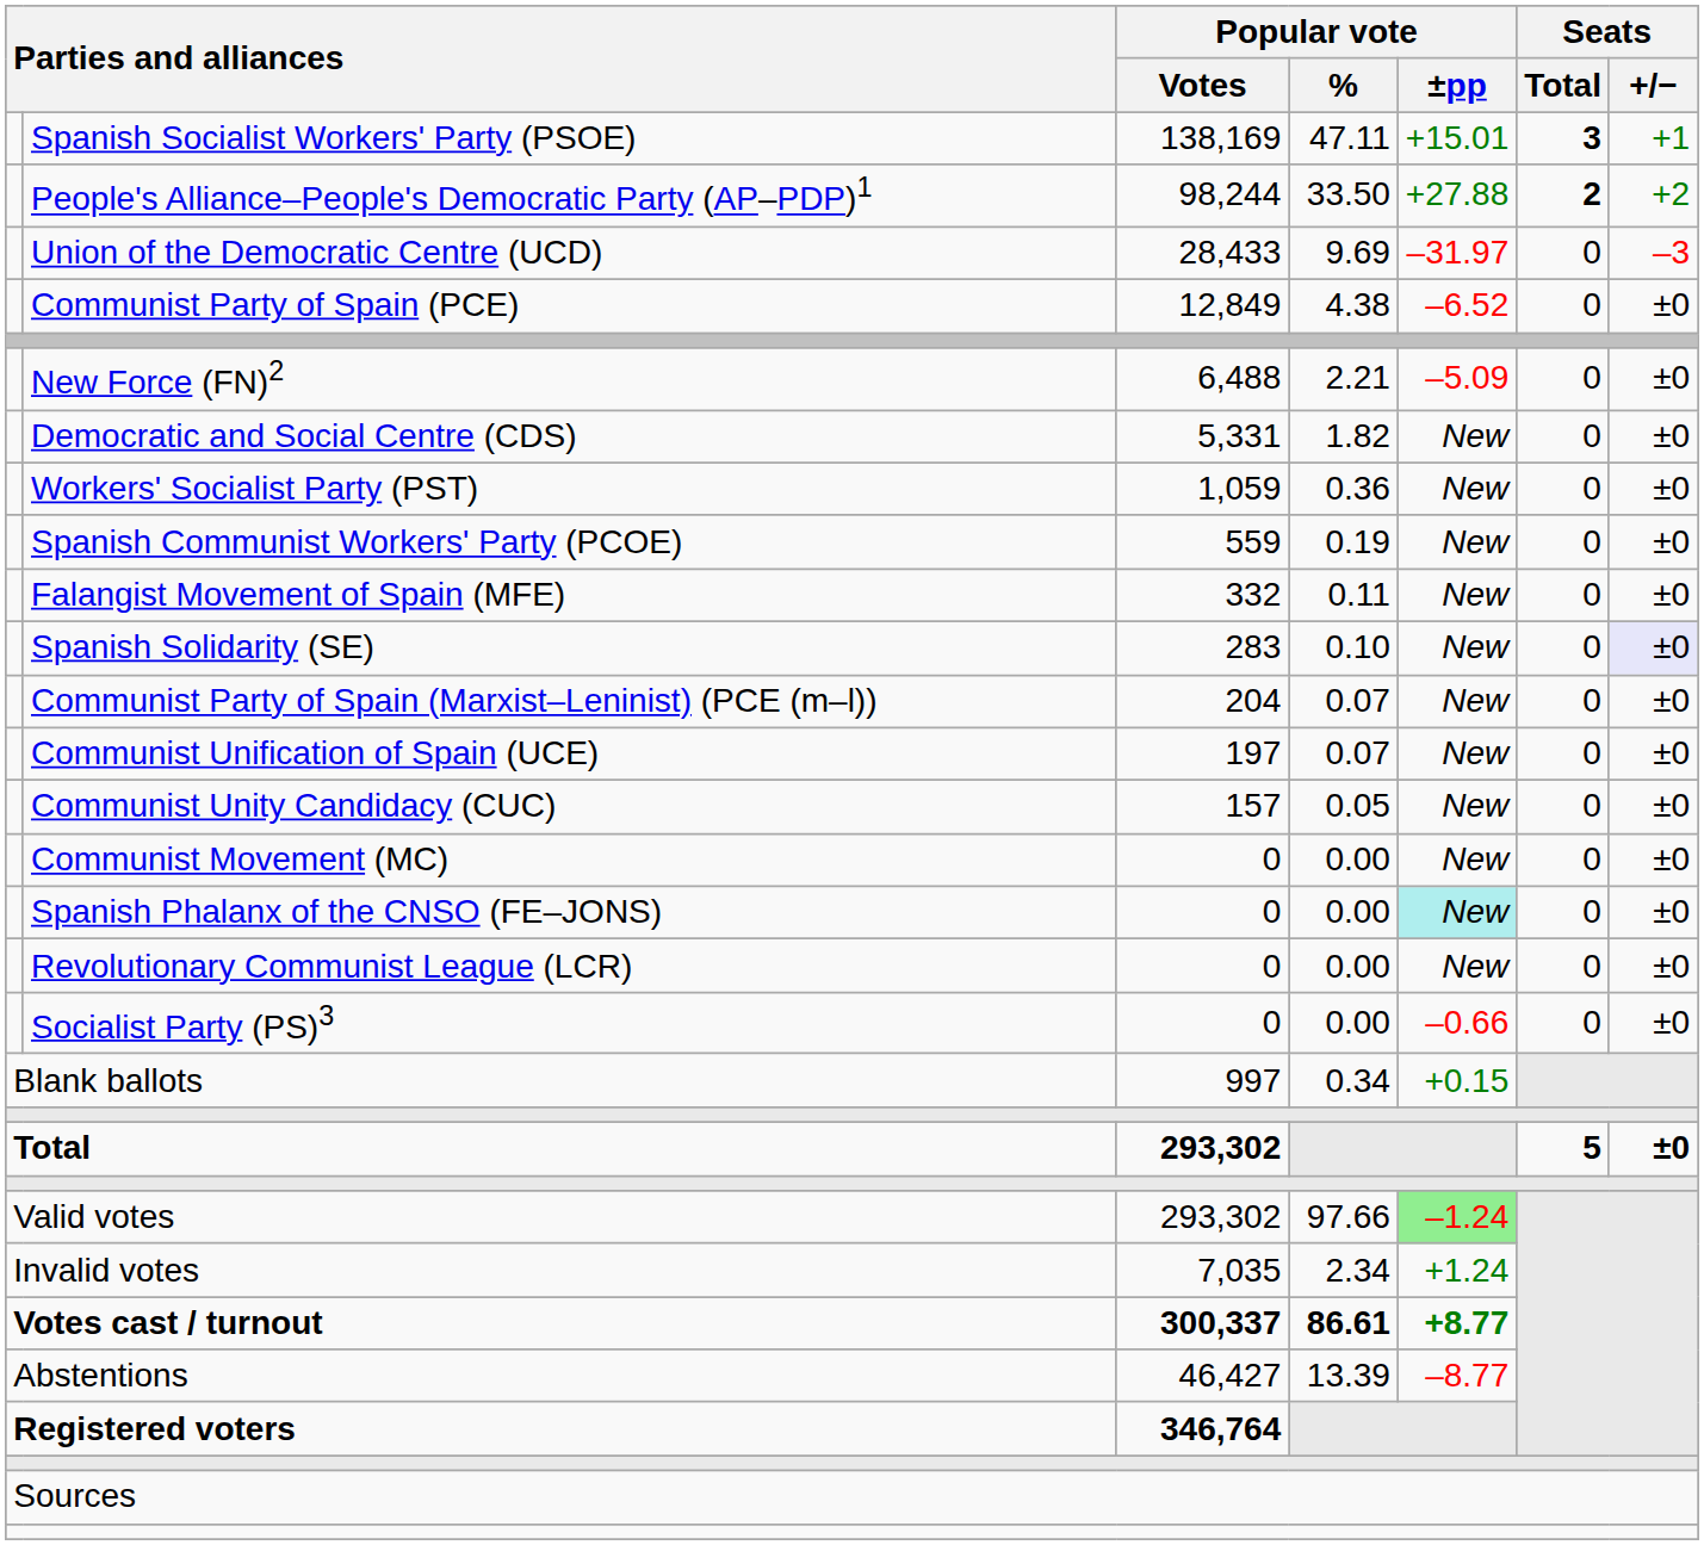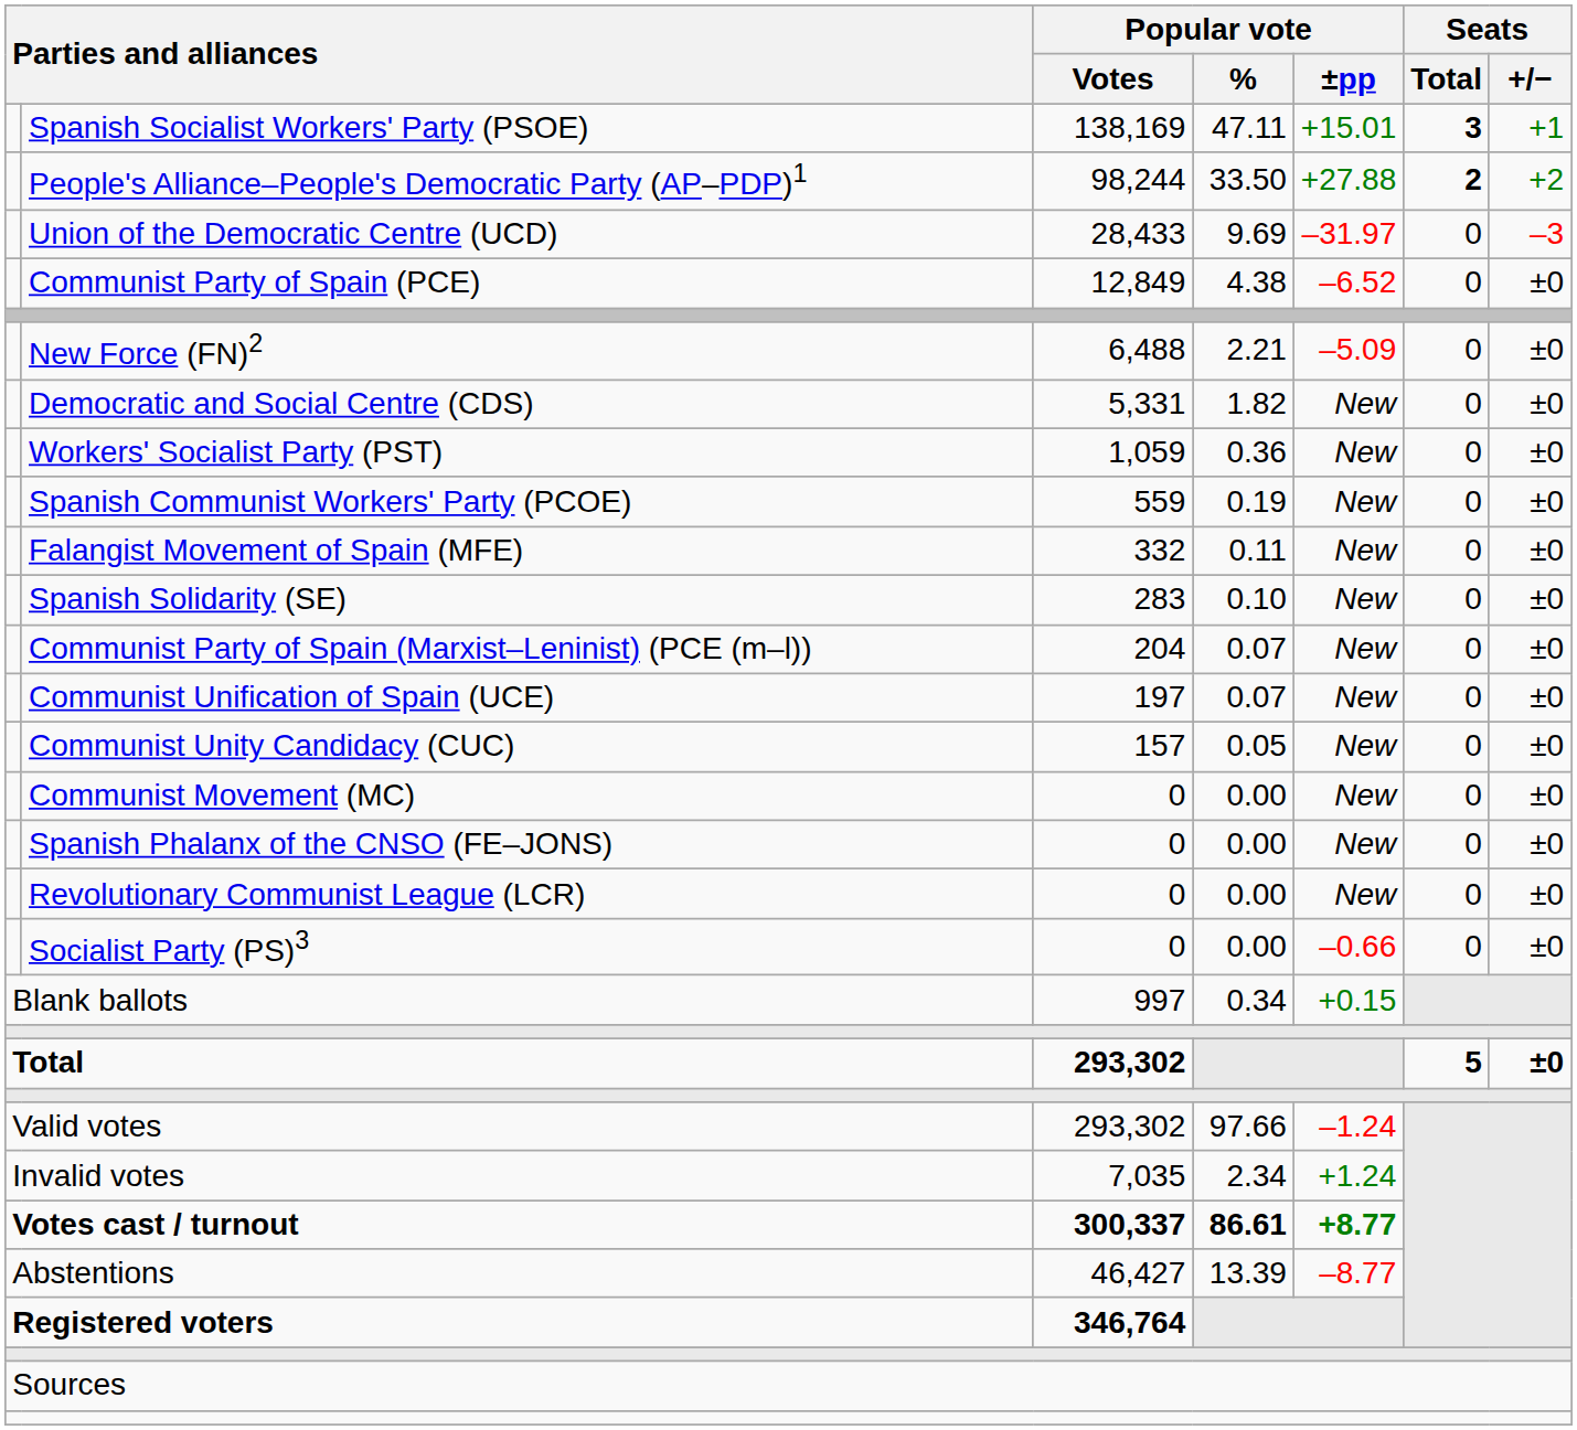 <table class="wikitable" style="text-align:right;">
 <tr>
 <th style="text-align:left;" rowspan="2" colspan="2" width="525">Parties and alliances</th>
 <th colspan="3">Popular vote</th>
 <th colspan="2">Seats</th>
 </tr>
 <tr>
 <th width="75">Votes</th>
 <th width="45">%</th>
 <th width="45">±<a href='#'>pp</a></th>
 <th width="35">Total</th>
 <th width="35">+/−</th>
 </tr>
 <tr>
 <td width="1" style="color:inherit;background:"></td>
 <td align="left"><a href='#'>Spanish Socialist Workers' Party</a> (PSOE)</td>
 <td>138,169</td>
 <td>47.11</td>
 <td style="color:green;">+15.01</td>
 <td><strong>3</strong></td>
 <td style="color:green;">+1</td>
 </tr>
 <tr>
 <td style="color:inherit;background:"></td>
 <td align="left"><a href='#'>People's Alliance–People's Democratic Party</a> (<a href='#'>AP</a>–<a href='#'>PDP</a>)<sup>1</sup></td>
 <td>98,244</td>
 <td>33.50</td>
 <td style="color:green;">+27.88</td>
 <td><strong>2</strong></td>
 <td style="color:green;">+2</td>
 </tr>
 <tr>
 <td style="color:inherit;background:"></td>
 <td align="left"><a href='#'>Union of the Democratic Centre</a> (UCD)</td>
 <td>28,433</td>
 <td>9.69</td>
 <td style="color:red;">–31.97</td>
 <td>0</td>
 <td style="color:red;">–3</td>
 </tr>
 <tr>
 <td style="color:inherit;background:"></td>
 <td align="left"><a href='#'>Communist Party of Spain</a> (PCE)</td>
 <td>12,849</td>
 <td>4.38</td>
 <td style="color:red;">–6.52</td>
 <td>0</td>
 <td>±0</td>
 </tr>
 <tr>
 <td colspan="7" bgcolor="#C0C0C0"></td>
 </tr>
 <tr>
 <td style="color:inherit;background:"></td>
 <td align="left"><a href='#'>New Force</a> (FN)<sup>2</sup></td>
 <td>6,488</td>
 <td>2.21</td>
 <td style="color:red;">–5.09</td>
 <td>0</td>
 <td>±0</td>
 </tr>
 <tr>
 <td style="color:inherit;background:"></td>
 <td align="left"><a href='#'>Democratic and Social Centre</a> (CDS)</td>
 <td>5,331</td>
 <td>1.82</td>
 <td><em>New</em></td>
 <td>0</td>
 <td>±0</td>
 </tr>
 <tr>
 <td style="color:inherit;background:"></td>
 <td align="left"><a href='#'>Workers' Socialist Party</a> (PST)</td>
 <td>1,059</td>
 <td>0.36</td>
 <td><em>New</em></td>
 <td>0</td>
 <td>±0</td>
 </tr>
 <tr>
 <td style="color:inherit;background:"></td>
 <td align="left"><a href='#'>Spanish Communist Workers' Party</a> (PCOE)</td>
 <td>559</td>
 <td>0.19</td>
 <td><em>New</em></td>
 <td>0</td>
 <td>±0</td>
 </tr>
 <tr>
 <td style="color:inherit;background:"></td>
 <td align="left"><a href='#'>Falangist Movement of Spain</a> (MFE)</td>
 <td>332</td>
 <td>0.11</td>
 <td><em>New</em></td>
 <td>0</td>
 <td>±0</td>
 </tr>
 <tr>
 <td style="color:inherit;background:"></td>
 <td align="left"><a href='#'>Spanish Solidarity</a> (SE)</td>
 <td>283</td>
 <td>0.10</td>
 <td><em>New</em></td>
 <td>0</td>
-<td style="background: lavender;">±0</td>
+<td>±0</td>
 </tr>
 <tr>
 <td style="color:inherit;background:"></td>
 <td align="left"><a href='#'>Communist Party of Spain (Marxist–Leninist)</a> (PCE (m–l))</td>
 <td>204</td>
 <td>0.07</td>
 <td><em>New</em></td>
 <td>0</td>
 <td>±0</td>
 </tr>
 <tr>
 <td style="color:inherit;background:"></td>
 <td align="left"><a href='#'>Communist Unification of Spain</a> (UCE)</td>
 <td>197</td>
 <td>0.07</td>
 <td><em>New</em></td>
 <td>0</td>
 <td>±0</td>
 </tr>
 <tr>
 <td style="color:inherit;background:"></td>
 <td align="left"><a href='#'>Communist Unity Candidacy</a> (CUC)</td>
 <td>157</td>
 <td>0.05</td>
 <td><em>New</em></td>
 <td>0</td>
 <td>±0</td>
 </tr>
 <tr>
 <td style="color:inherit;background:"></td>
 <td align="left"><a href='#'>Communist Movement</a> (MC)</td>
 <td>0</td>
 <td>0.00</td>
 <td><em>New</em></td>
 <td>0</td>
 <td>±0</td>
 </tr>
 <tr>
 <td style="color:inherit;background:"></td>
 <td align="left"><a href='#'>Spanish Phalanx of the CNSO</a> (FE–JONS)</td>
 <td>0</td>
 <td>0.00</td>
-<td style="background: paleturquoise;"><em>New</em></td>
+<td><em>New</em></td>
 <td>0</td>
 <td>±0</td>
 </tr>
 <tr>
 <td style="color:inherit;background:"></td>
 <td align="left"><a href='#'>Revolutionary Communist League</a> (LCR)</td>
 <td>0</td>
 <td>0.00</td>
 <td><em>New</em></td>
 <td>0</td>
 <td>±0</td>
 </tr>
 <tr>
 <td style="color:inherit;background:"></td>
 <td align="left"><a href='#'>Socialist Party</a> (PS)<sup>3</sup></td>
 <td>0</td>
 <td>0.00</td>
 <td style="color:red;">–0.66</td>
 <td>0</td>
 <td>±0</td>
 </tr>
 <tr>
 <td align="left" colspan="2">Blank ballots</td>
 <td>997</td>
 <td>0.34</td>
 <td style="color:green;">+0.15</td>
 <td bgcolor="#E9E9E9" colspan="2"></td>
 </tr>
 <tr>
 <td colspan="7" bgcolor="#E9E9E9"></td>
 </tr>
 <tr style="font-weight:bold;">
 <td align="left" colspan="2">Total</td>
 <td>293,302</td>
 <td bgcolor="#E9E9E9" colspan="2"></td>
 <td>5</td>
 <td>±0</td>
 </tr>
 <tr>
 <td colspan="7" bgcolor="#E9E9E9"></td>
 </tr>
 <tr>
 <td align="left" colspan="2">Valid votes</td>
 <td>293,302</td>
 <td>97.66</td>
-<td style="background: lightgreen; color:red;">–1.24</td>
+<td style="color:red;">–1.24</td>
 <td bgcolor="#E9E9E9" colspan="2" rowspan="5"></td>
 </tr>
 <tr>
 <td align="left" colspan="2">Invalid votes</td>
 <td>7,035</td>
 <td>2.34</td>
 <td style="color:green;">+1.24</td>
 </tr>
 <tr style="font-weight:bold;">
 <td align="left" colspan="2">Votes cast / turnout</td>
 <td>300,337</td>
 <td>86.61</td>
 <td style="color:green;">+8.77</td>
 </tr>
 <tr>
 <td align="left" colspan="2">Abstentions</td>
 <td>46,427</td>
 <td>13.39</td>
 <td style="color:red;">–8.77</td>
 </tr>
 <tr style="font-weight:bold;">
 <td align="left" colspan="2">Registered voters</td>
 <td>346,764</td>
 <td bgcolor="#E9E9E9" colspan="2"></td>
 </tr>
 <tr>
 <td colspan="7" bgcolor="#E9E9E9"></td>
 </tr>
 <tr>
 <td align="left" colspan="7">Sources</td>
 </tr>
 <tr>
 <td colspan="7" style="text-align:left; max-width:790px;"></td>
 </tr>
 </table>
